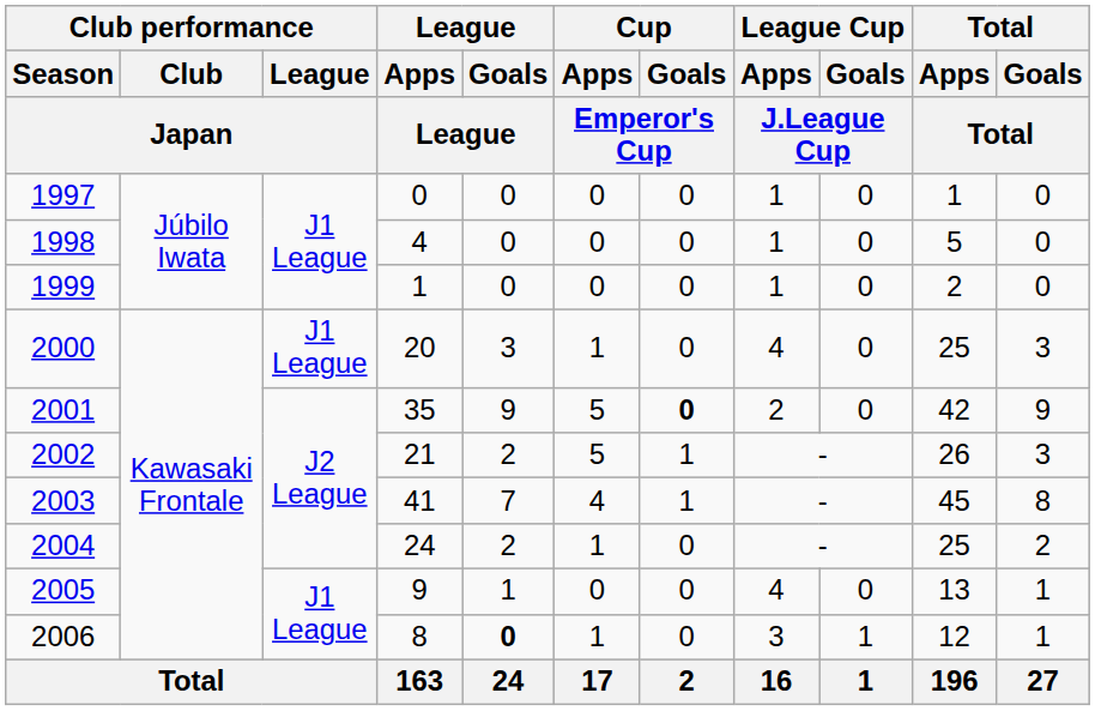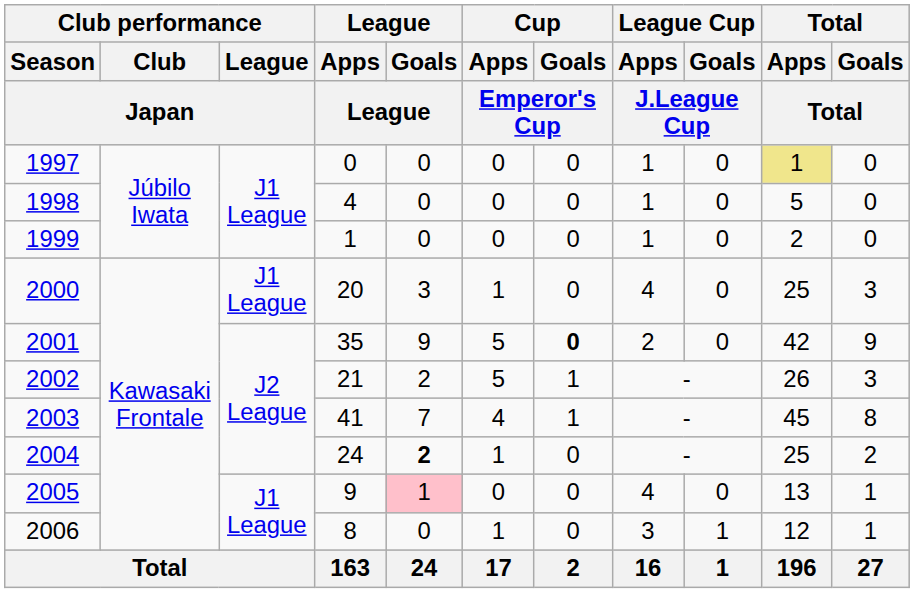 <table class="wikitable" style="text-align:center;">
 <tr>
 <th colspan=3>Club performance</th>
 <th colspan=2>League</th>
 <th colspan=2>Cup</th>
 <th colspan=2>League Cup</th>
 <th colspan=2>Total</th>
 </tr>
 <tr>
 <th>Season</th>
 <th>Club</th>
 <th>League</th>
 <th>Apps</th>
 <th>Goals</th>
 <th>Apps</th>
 <th>Goals</th>
 <th>Apps</th>
 <th>Goals</th>
 <th>Apps</th>
 <th>Goals</th>
 </tr>
 <tr>
 <th colspan=3>Japan</th>
 <th colspan=2>League</th>
 <th colspan=2><a href='#'>Emperor's Cup</a></th>
 <th colspan=2><a href='#'>J.League Cup</a></th>
 <th colspan=2>Total</th>
 </tr>
 <tr>
 <td><a href='#'>1997</a></td>
 <td rowspan="3"><a href='#'>Júbilo Iwata</a></td>
 <td rowspan="3"><a href='#'>J1 League</a></td>
 <td>0</td>
 <td>0</td>
 <td>0</td>
 <td>0</td>
 <td>1</td>
 <td>0</td>
-<td>1</td>
+<td style="background: khaki;">1</td>
 <td>0</td>
 </tr>
 <tr>
 <td><a href='#'>1998</a></td>
 <td>4</td>
 <td>0</td>
 <td>0</td>
 <td>0</td>
 <td>1</td>
 <td>0</td>
 <td>5</td>
 <td>0</td>
 </tr>
 <tr>
 <td><a href='#'>1999</a></td>
 <td>1</td>
 <td>0</td>
 <td>0</td>
 <td>0</td>
 <td>1</td>
 <td>0</td>
 <td>2</td>
 <td>0</td>
 </tr>
 <tr>
 <td><a href='#'>2000</a></td>
 <td rowspan="7"><a href='#'>Kawasaki Frontale</a></td>
 <td><a href='#'>J1 League</a></td>
 <td>20</td>
 <td>3</td>
 <td>1</td>
 <td>0</td>
 <td>4</td>
 <td>0</td>
 <td>25</td>
 <td>3</td>
 </tr>
 <tr>
 <td><a href='#'>2001</a></td>
 <td rowspan="4"><a href='#'>J2 League</a></td>
 <td>35</td>
 <td>9</td>
 <td>5</td>
 <td><strong>0</strong></td>
 <td>2</td>
 <td>0</td>
 <td>42</td>
 <td>9</td>
 </tr>
 <tr>
 <td><a href='#'>2002</a></td>
 <td>21</td>
 <td>2</td>
 <td>5</td>
 <td>1</td>
 <td colspan="2">-</td>
 <td>26</td>
 <td>3</td>
 </tr>
 <tr>
 <td><a href='#'>2003</a></td>
 <td>41</td>
 <td>7</td>
 <td>4</td>
 <td>1</td>
 <td colspan="2">-</td>
 <td>45</td>
 <td>8</td>
 </tr>
 <tr>
 <td><a href='#'>2004</a></td>
 <td>24</td>
-<td>2</td>
+<td><strong>2</strong></td>
 <td>1</td>
 <td>0</td>
 <td colspan="2">-</td>
 <td>25</td>
 <td>2</td>
 </tr>
 <tr>
 <td><a href='#'>2005</a></td>
 <td rowspan="2"><a href='#'>J1 League</a></td>
 <td>9</td>
-<td>1</td>
+<td style="background: pink;">1</td>
 <td>0</td>
 <td>0</td>
 <td>4</td>
 <td>0</td>
 <td>13</td>
 <td>1</td>
 </tr>
 <tr>
 <td>2006</td>
 <td>8</td>
-<td><strong>0</strong></td>
+<td>0</td>
 <td>1</td>
 <td>0</td>
 <td>3</td>
 <td>1</td>
 <td>12</td>
 <td>1</td>
 </tr>
 <tr>
 <th colspan=3>Total</th>
 <th>163</th>
 <th>24</th>
 <th>17</th>
 <th>2</th>
 <th>16</th>
 <th>1</th>
 <th>196</th>
 <th>27</th>
 </tr>
 </table>
